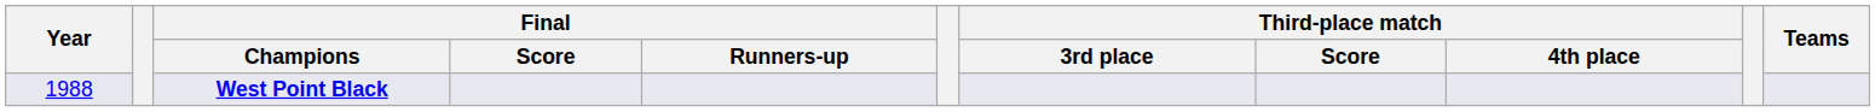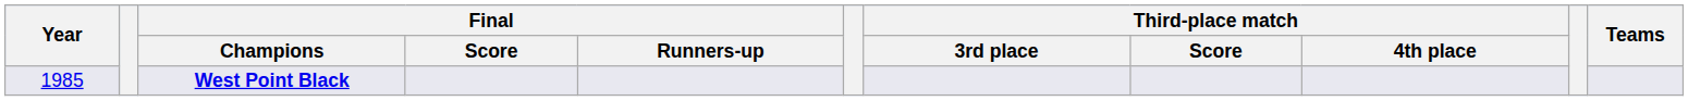 <table class="wikitable" style="font-size:90%; width: 100%; text-align: center;">
 <tr bgcolor=#c1d8ff>
 <th rowspan=2 width=6%>Year</th>
 <th width=1% rowspan=3 bgcolor=ffffff></th>
 <th colspan=3>Final</th>
 <th width=1% rowspan=3 bgcolor=ffffff></th>
 <th colspan=3>Third-place match</th>
 <th width=1% rowspan=3 bgcolor=#ffffff></th>
 <th rowspan=2 width=5%>Teams</th>
 </tr>
 <tr bgcolor=#efefef>
 <th width=14%>Champions</th>
 <th width=9%>Score</th>
 <th width=14%>Runners-up</th>
 <th width=14%>3rd place</th>
 <th width=9%>Score</th>
 <th width=14%>4th place</th>
 </tr>
 <tr bgcolor=#E8E8F0>
-<td><a href='#'>1988</a></td>
+<td><a href='#'>1985</a></td>
 <td><strong><a href='#'>West Point Black</a></strong></td>
 <td></td>
 <td></td>
 <td></td>
 <td></td>
 <td></td>
 <td></td>
 </tr>
 </table>
